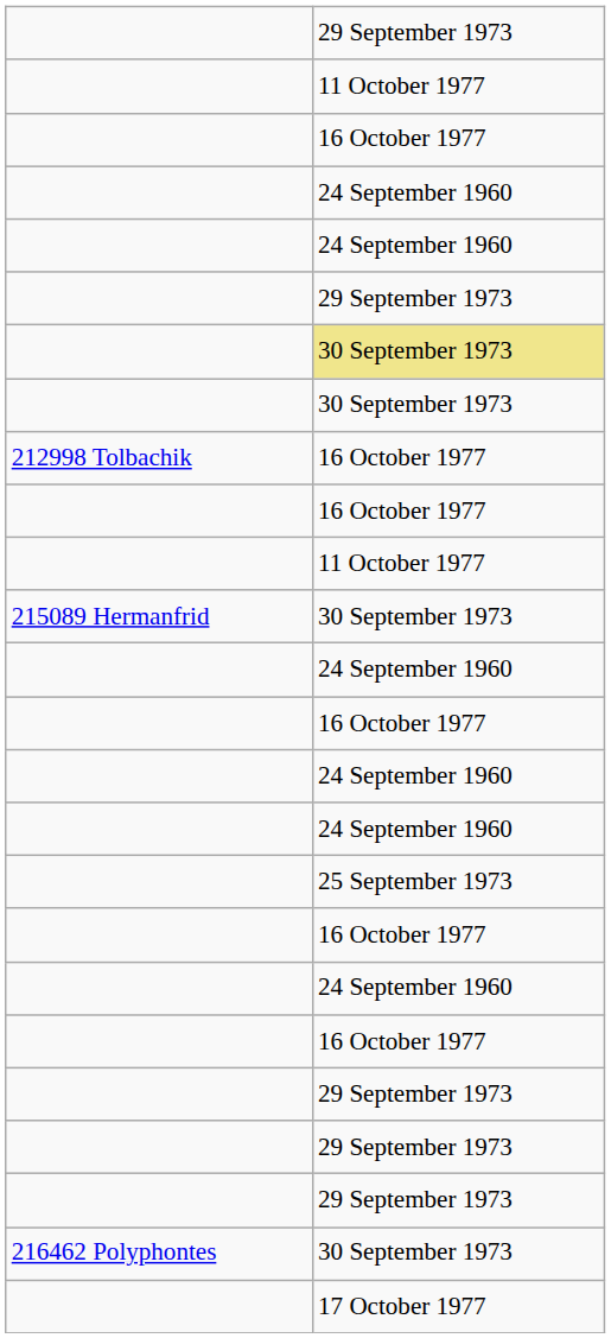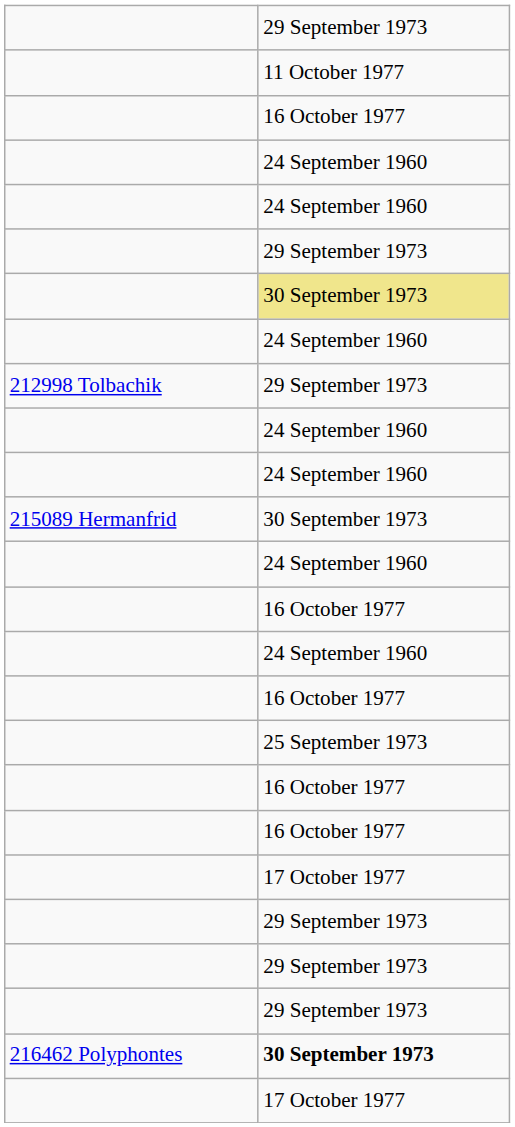 <table class="wikitable" style="font-size: 89%; float: left; width: 24em; margin-right: 1em; line-height: 1.65em">
 <tr>
 <td></td>
 <td>29 September 1973</td>
 </tr>
 <tr>
 <td></td>
 <td>11 October 1977</td>
 </tr>
 <tr>
 <td></td>
 <td>16 October 1977</td>
 </tr>
 <tr>
 <td></td>
 <td>24 September 1960</td>
 </tr>
 <tr>
 <td></td>
 <td>24 September 1960</td>
 </tr>
 <tr>
 <td></td>
 <td>29 September 1973</td>
 </tr>
 <tr>
 <td></td>
 <td style="background: khaki;">30 September 1973</td>
 </tr>
 <tr>
 <td></td>
-<td>30 September 1973</td>
+<td>24 September 1960</td>
 </tr>
 <tr>
 <td><a href='#'>212998 Tolbachik</a></td>
-<td>16 October 1977</td>
+<td>29 September 1973</td>
 </tr>
 <tr>
 <td></td>
-<td>16 October 1977</td>
+<td>24 September 1960</td>
 </tr>
 <tr>
 <td></td>
-<td>11 October 1977</td>
+<td>24 September 1960</td>
 </tr>
 <tr>
 <td><a href='#'>215089 Hermanfrid</a></td>
 <td>30 September 1973</td>
 </tr>
 <tr>
 <td></td>
 <td>24 September 1960</td>
 </tr>
 <tr>
 <td></td>
 <td>16 October 1977</td>
 </tr>
 <tr>
 <td></td>
 <td>24 September 1960</td>
 </tr>
 <tr>
 <td></td>
-<td>24 September 1960</td>
+<td>16 October 1977</td>
 </tr>
 <tr>
 <td></td>
 <td>25 September 1973</td>
 </tr>
 <tr>
 <td></td>
 <td>16 October 1977</td>
 </tr>
 <tr>
 <td></td>
-<td>24 September 1960</td>
+<td>16 October 1977</td>
 </tr>
 <tr>
 <td></td>
-<td>16 October 1977</td>
+<td>17 October 1977</td>
 </tr>
 <tr>
 <td></td>
 <td>29 September 1973</td>
 </tr>
 <tr>
 <td></td>
 <td>29 September 1973</td>
 </tr>
 <tr>
 <td></td>
 <td>29 September 1973</td>
 </tr>
 <tr>
 <td><a href='#'>216462 Polyphontes</a></td>
-<td>30 September 1973</td>
+<td><strong>30 September 1973</strong></td>
 </tr>
 <tr>
 <td></td>
 <td>17 October 1977</td>
 </tr>
 </table>
